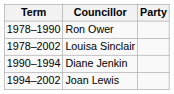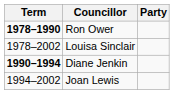 <table class="wikitable">
 <tr>
 <th>Term</th>
 <th>Councillor</th>
 <th colspan=2>Party</th>
 </tr>
 <tr>
-<td>1978–1990</td>
+<td><strong>1978–1990</strong></td>
 <td>Ron Ower</td>
 <td></td>
 </tr>
 <tr>
 <td>1978–2002</td>
 <td>Louisa Sinclair</td>
 <td></td>
 </tr>
 <tr>
-<td>1990–1994</td>
+<td><strong>1990–1994</strong></td>
 <td>Diane Jenkin</td>
 <td></td>
 </tr>
 <tr>
 <td>1994–2002</td>
 <td>Joan Lewis</td>
 <td></td>
 </tr>
 </table>
